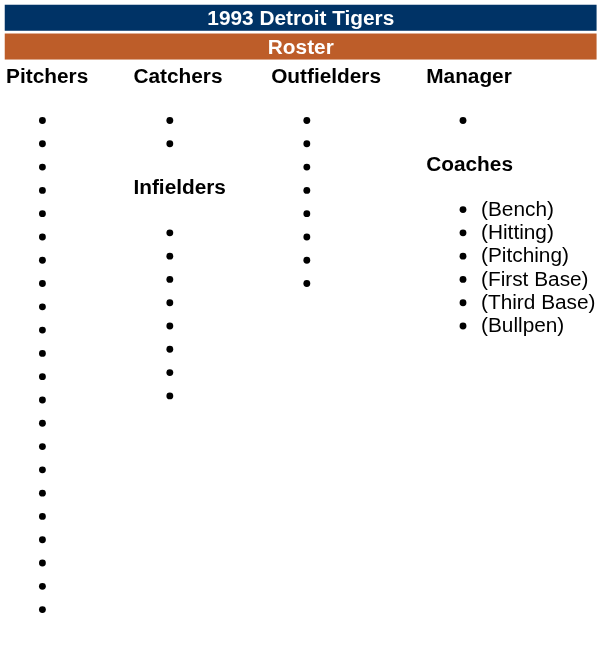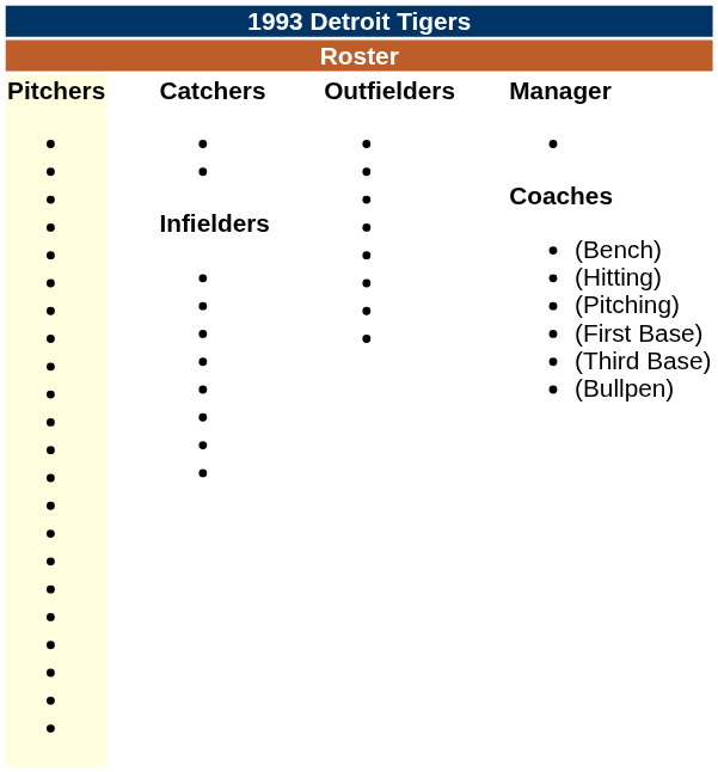 <table class="toccolours" style="font-size: 95%;">
 <tr>
 <th colspan="10" style="background-color: #003366; color: white; text-align: center;">1993 Detroit Tigers</th>
 </tr>
 <tr>
 <td colspan="10" style="background-color: #bd5d29; color: white; text-align: center;"><strong>Roster</strong></td>
 </tr>
 <tr>
-<td valign="top"><strong>Pitchers</strong><br><ul><li></li><li></li><li></li><li></li><li></li><li></li><li></li><li></li><li></li><li></li><li></li><li></li><li></li><li></li><li></li><li></li><li></li><li></li><li></li><li></li><li></li><li></li></ul></td>
+<td valign="top" style="background: lightyellow;"><strong>Pitchers</strong><br><ul><li></li><li></li><li></li><li></li><li></li><li></li><li></li><li></li><li></li><li></li><li></li><li></li><li></li><li></li><li></li><li></li><li></li><li></li><li></li><li></li><li></li><li></li></ul></td>
 <td width="25px"></td>
 <td valign="top"><strong>Catchers</strong><br><ul><li></li><li></li></ul><strong>Infielders</strong><ul><li></li><li></li><li></li><li></li><li></li><li></li><li></li><li></li></ul></td>
 <td width="25px"></td>
 <td valign="top"><strong>Outfielders</strong><br><ul><li></li><li></li><li></li><li></li><li></li><li></li><li></li><li></li></ul></td>
 <td width="25px"></td>
 <td valign="top"><strong>Manager</strong><br><ul><li></li></ul><strong>Coaches</strong><ul><li> (Bench)</li><li> (Hitting)</li><li> (Pitching)</li><li> (First Base)</li><li> (Third Base)</li><li> (Bullpen)</li></ul></td>
 </tr>
 <tr>
 </tr>
 </table>
